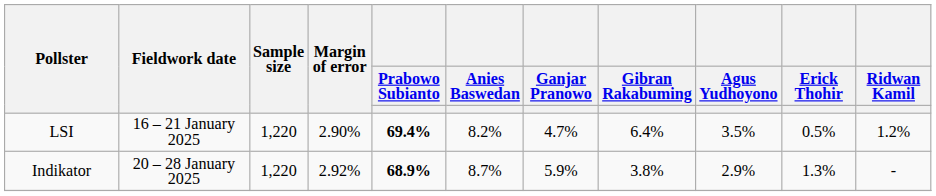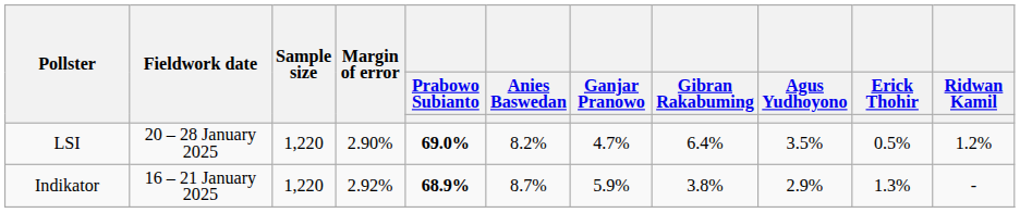 <table class="wikitable" style="text-align:center; font-size:90%; line-height:14px;">
 <tr style="height:55px; background-color:#E9E9E9">
 <th rowspan="3" style="width:95px;">Pollster</th>
 <th rowspan="3" style="width:110px;">Fieldwork date</th>
 <th rowspan="3" style="width:35px;">Sample size</th>
 <th rowspan="3" style="width:50px;">Margin of error</th>
 <th style="width:60px;"></th>
 <th style="width:60px;"></th>
 <th style="width:60px;"></th>
 <th style="width:60px;"></th>
 <th style="width:60px;"></th>
 <th style="width:60px;"></th>
 <th style="width:60px;"></th>
 </tr>
 <tr>
 <th><a href='#'>Prabowo Subianto</a> <br></th>
 <th><a href='#'>Anies Baswedan</a> <br></th>
 <th><a href='#'>Ganjar Pranowo</a> <br></th>
 <th><a href='#'>Gibran Rakabuming</a> <br></th>
 <th><a href='#'>Agus Yudhoyono</a> <br></th>
 <th><a href='#'>Erick Thohir</a>  <br></th>
 <th><a href='#'>Ridwan Kamil</a>  <br></th>
 </tr>
 <tr>
 <th class="unsortable" style="color:inherit;background:"></th>
 <th class="unsortable" style="color:inherit;background:"></th>
 <th class="unsortable" style="color:inherit;background:"></th>
 <th class="unsortable" style="color:inherit;background:"></th>
 <th class="unsortable" style="color:inherit;background:"></th>
 <th class="unsortable" style="color:inherit;background:"></th>
 <th class="unsortable" style="color:inherit;background:"></th>
 </tr>
 <tr>
 <td>LSI</td>
-<td>16 – 21 January 2025</td>
+<td>20 – 28 January 2025</td>
 <td>1,220</td>
 <td>2.90%</td>
-<td style="background-color:#"><strong>69.4%</strong> </td>
+<td style="background-color:#"><strong>69.0%</strong> </td>
 <td>8.2% </td>
 <td>4.7% </td>
 <td>6.4% </td>
 <td>3.5% </td>
 <td>0.5% </td>
 <td>1.2% </td>
 </tr>
 <tr>
 <td>Indikator</td>
-<td>20 – 28 January 2025</td>
+<td>16 – 21 January 2025</td>
 <td>1,220</td>
 <td>2.92%</td>
 <td style="background-color:#"><strong>68.9%</strong> </td>
 <td>8.7% </td>
 <td>5.9% </td>
 <td>3.8% </td>
 <td>2.9% </td>
 <td>1.3% </td>
 <td>- </td>
 </tr>
 <tr>
 </tr>
 </table>
